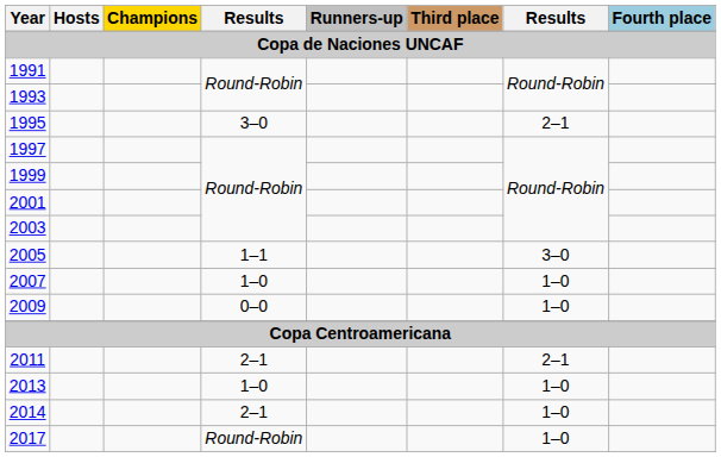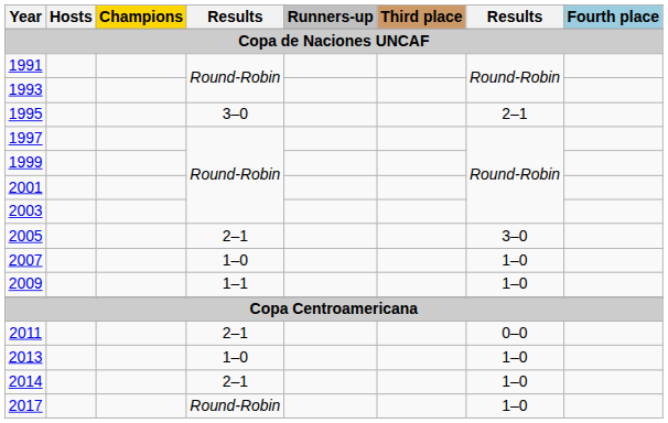 <table class="wikitable" style="text-align: center;">
 <tr>
 <th>Year</th>
 <th>Hosts</th>
 <th style="background:gold">Champions</th>
 <th>Results</th>
 <th style="background:silver">Runners-up</th>
 <th style="background:#c96">Third place</th>
 <th>Results</th>
 <th style="background:#9acddf">Fourth place</th>
 </tr>
 <tr>
 </tr>
 <tr bgcolor=#cccccc align=center>
 <td colspan=8><strong>Copa de Naciones UNCAF</strong></td>
 </tr>
 <tr>
 <td><a href='#'>1991</a></td>
 <td></td>
 <td></td>
 <td rowspan=2><em>Round-Robin</em></td>
 <td></td>
 <td></td>
 <td rowspan=2><em>Round-Robin</em></td>
 <td></td>
 </tr>
 <tr>
 <td><a href='#'>1993</a></td>
 <td></td>
 <td></td>
 <td></td>
 <td></td>
 <td></td>
 </tr>
 <tr>
 <td><a href='#'>1995</a></td>
 <td></td>
 <td></td>
 <td>3–0</td>
 <td></td>
 <td></td>
 <td>2–1</td>
 <td></td>
 </tr>
 <tr>
 <td><a href='#'>1997</a></td>
 <td></td>
 <td></td>
 <td rowspan=4><em>Round-Robin</em></td>
 <td></td>
 <td></td>
 <td rowspan=4><em>Round-Robin</em></td>
 <td></td>
 </tr>
 <tr>
 <td><a href='#'>1999</a></td>
 <td></td>
 <td></td>
 <td></td>
 <td></td>
 <td></td>
 </tr>
 <tr>
 <td><a href='#'>2001</a></td>
 <td></td>
 <td></td>
 <td></td>
 <td></td>
 <td></td>
 </tr>
 <tr>
 <td><a href='#'>2003</a></td>
 <td></td>
 <td></td>
 <td></td>
 <td></td>
 <td></td>
 </tr>
 <tr>
 <td><a href='#'>2005</a></td>
 <td></td>
 <td></td>
-<td>1–1<br><small></small></td>
+<td>2–1</td>
 <td></td>
 <td></td>
 <td>3–0</td>
 <td></td>
 </tr>
 <tr>
 <td><a href='#'>2007</a></td>
 <td></td>
 <td></td>
 <td>1–0</td>
 <td></td>
 <td></td>
 <td>1–0</td>
 <td></td>
 </tr>
 <tr>
 <td><a href='#'>2009</a></td>
 <td></td>
 <td></td>
-<td>0–0<br><small></small></td>
+<td>1–1<br><small></small></td>
 <td></td>
 <td></td>
 <td>1–0</td>
 <td></td>
 </tr>
 <tr>
 </tr>
 <tr bgcolor=#cccccc align=center>
 <td colspan=8><strong>Copa Centroamericana</strong></td>
 </tr>
 <tr>
 <td><a href='#'>2011</a></td>
 <td></td>
 <td></td>
 <td>2–1</td>
 <td></td>
 <td></td>
-<td>2–1</td>
+<td>0–0<br><small></small></td>
 <td></td>
 </tr>
 <tr>
 <td><a href='#'>2013</a></td>
 <td></td>
 <td></td>
 <td>1–0</td>
 <td></td>
 <td></td>
 <td>1–0</td>
 <td></td>
 </tr>
 <tr>
 <td><a href='#'>2014</a></td>
 <td></td>
 <td></td>
 <td>2–1</td>
 <td></td>
 <td></td>
 <td>1–0</td>
 <td></td>
 </tr>
 <tr>
 <td><a href='#'>2017</a></td>
 <td></td>
 <td></td>
 <td><em>Round-Robin</em></td>
 <td></td>
 <td></td>
 <td>1–0</td>
 <td></td>
 </tr>
 </table>
